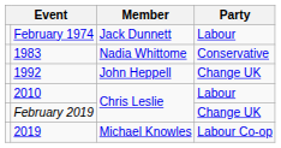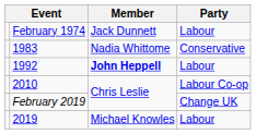 <table class="wikitable">
 <tr>
 <th colspan="2">Event</th>
 <th>Member</th>
 <th>Party</th>
 </tr>
 <tr>
 <td style="color:inherit;background-color: "></td>
 <td><a href='#'>February 1974</a></td>
 <td><a href='#'>Jack Dunnett</a></td>
 <td><a href='#'>Labour</a></td>
 </tr>
 <tr>
 <td style="color:inherit;background-color: "></td>
 <td><a href='#'>1983</a></td>
 <td><a href='#'>Nadia Whittome</a></td>
 <td><a href='#'>Conservative</a></td>
 </tr>
 <tr>
 <td style="color:inherit;background-color: "></td>
 <td><a href='#'>1992</a></td>
-<td><a href='#'>John Heppell</a></td>
-<td><a href='#'>Change UK</a></td>
+<td><strong><a href='#'>John Heppell</a></strong></td>
+<td><a href='#'>Labour</a></td>
 </tr>
 <tr>
 <td style="color:inherit;background-color: "></td>
 <td><a href='#'>2010</a></td>
 <td rowspan="2"><a href='#'>Chris Leslie</a></td>
-<td><a href='#'>Labour</a></td>
+<td><a href='#'>Labour Co-op</a></td>
 </tr>
 <tr>
 <td style="color:inherit;background-color: "></td>
 <td><em>February 2019</em></td>
 <td><a href='#'>Change UK</a></td>
 </tr>
 <tr>
 <td style="color:inherit;background-color: "></td>
 <td><a href='#'>2019</a></td>
 <td><a href='#'>Michael Knowles</a></td>
-<td><a href='#'>Labour Co-op</a></td>
+<td><a href='#'>Labour</a></td>
 </tr>
 </table>
